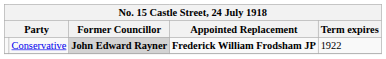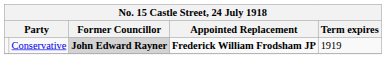 <table class="wikitable">
 <tr>
 <th colspan="5"><strong>No. 15 Castle Street, 24 July 1918</strong></th>
 </tr>
 <tr>
 <th colspan="2">Party</th>
 <th>Former Councillor</th>
 <th>Appointed Replacement</th>
 <th>Term expires</th>
 </tr>
 <tr>
 <td style="background-color:"></td>
 <td><a href='#'>Conservative</a></td>
 <td style="background: lightgrey;"><strong>John Edward Rayner</strong></td>
 <td><strong>Frederick William Frodsham JP</strong></td>
-<td>1922</td>
+<td>1919</td>
 </tr>
 <tr>
 </tr>
 </table>
